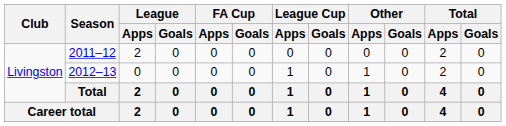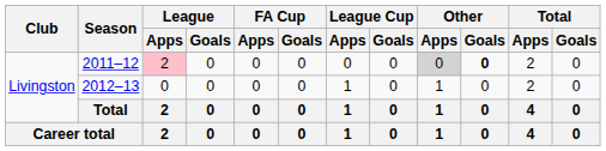 <table class="wikitable" style="text-align: center;">
 <tr>
 <th rowspan="2">Club</th>
 <th rowspan="2">Season</th>
 <th colspan="2">League</th>
 <th colspan="2">FA Cup</th>
 <th colspan="2">League Cup</th>
 <th colspan="2">Other</th>
 <th colspan="2">Total</th>
 </tr>
 <tr>
 <th>Apps</th>
 <th>Goals</th>
 <th>Apps</th>
 <th>Goals</th>
 <th>Apps</th>
 <th>Goals</th>
 <th>Apps</th>
 <th>Goals</th>
 <th>Apps</th>
 <th>Goals</th>
 </tr>
 <tr>
 <td rowspan="3" valign="center"><a href='#'>Livingston</a></td>
 <td><a href='#'>2011–12</a></td>
-<td>2</td>
+<td style="background: pink;">2</td>
 <td>0</td>
 <td>0</td>
 <td>0</td>
 <td>0</td>
 <td>0</td>
-<td>0</td>
-<td>0</td>
+<td style="background: lightgrey;">0</td>
+<td><strong>0</strong></td>
 <td>2</td>
 <td>0</td>
 </tr>
 <tr>
 <td><a href='#'>2012–13</a></td>
 <td>0</td>
 <td>0</td>
 <td>0</td>
 <td>0</td>
 <td>1</td>
 <td>0</td>
 <td>1</td>
 <td>0</td>
 <td>2</td>
 <td>0</td>
 </tr>
 <tr>
 <th>Total</th>
 <th>2</th>
 <th>0</th>
 <th>0</th>
 <th>0</th>
 <th>1</th>
 <th>0</th>
 <th>1</th>
 <th>0</th>
 <th>4</th>
 <th>0</th>
 </tr>
 <tr>
 <th colspan="2">Career total</th>
 <th>2</th>
 <th>0</th>
 <th>0</th>
 <th>0</th>
 <th>1</th>
 <th>0</th>
 <th>1</th>
 <th>0</th>
 <th>4</th>
 <th>0</th>
 </tr>
 </table>
